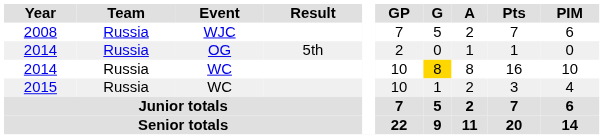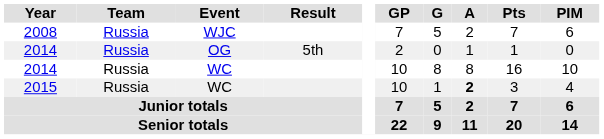 <table border="0" cellpadding="1" cellspacing="0" style="text-align:center; width:40em">
 <tr ALIGN="center" bgcolor="#e0e0e0">
 <th>Year</th>
 <th>Team</th>
 <th>Event</th>
 <th>Result</th>
 <th rowspan="99" bgcolor="#ffffff"> </th>
 <th>GP</th>
 <th>G</th>
 <th>A</th>
 <th>Pts</th>
 <th>PIM</th>
 </tr>
 <tr>
 <td><a href='#'>2008</a></td>
 <td><a href='#'>Russia</a></td>
 <td><a href='#'>WJC</a></td>
 <td></td>
 <td>7</td>
 <td>5</td>
 <td>2</td>
 <td>7</td>
 <td>6</td>
 </tr>
 <tr style="background:#f0f0f0;">
 <td><a href='#'>2014</a></td>
 <td><a href='#'>Russia</a></td>
 <td><a href='#'>OG</a></td>
 <td>5th</td>
 <td>2</td>
 <td>0</td>
 <td>1</td>
 <td>1</td>
 <td>0</td>
 </tr>
 <tr>
 <td><a href='#'>2014</a></td>
 <td>Russia</td>
 <td><a href='#'>WC</a></td>
 <td></td>
 <td>10</td>
-<td style="background: gold;">8</td>
+<td>8</td>
 <td>8</td>
 <td>16</td>
 <td>10</td>
 </tr>
 <tr style="background:#f0f0f0;">
 <td><a href='#'>2015</a></td>
 <td>Russia</td>
 <td>WC</td>
 <td></td>
 <td>10</td>
 <td>1</td>
-<td>2</td>
+<td><strong>2</strong></td>
 <td>3</td>
 <td>4</td>
 </tr>
 <tr bgcolor="#e0e0e0">
 <th colspan="4">Junior totals</th>
 <th>7</th>
 <th>5</th>
 <th>2</th>
 <th>7</th>
 <th>6</th>
 </tr>
 <tr bgcolor="#e0e0e0">
 <th colspan="4">Senior totals</th>
 <th>22</th>
 <th>9</th>
 <th>11</th>
 <th>20</th>
 <th>14</th>
 </tr>
 </table>
